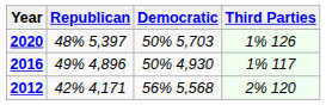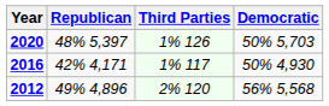 <table class="wikitable" style="float:right; font-size:95%;">
 <tr bgcolor=lightgrey>
 <th>Year</th>
 <th><a href='#'>Republican</a></th>
+<th><a href='#'>Third Parties</a></th>
 <th><a href='#'>Democratic</a></th>
-<th><a href='#'>Third Parties</a></th>
 </tr>
 <tr>
 <td style="text-align:center; "><strong><a href='#'>2020</a></strong></td>
 <td style="text-align:center; "><em>48%</em> <em>5,397</em></td>
+<td style="text-align:center; background:honeyDew;"><em>1%</em> <em>126</em></td>
 <td style="text-align:center; "><em>50%</em> <em>5,703</em></td>
-<td style="text-align:center; background:honeyDew;"><em>1%</em> <em>126</em></td>
 </tr>
 <tr>
 <td style="text-align:center; "><strong><a href='#'>2016</a></strong></td>
-<td style="text-align:center; "><em>49%</em> <em>4,896</em></td>
+<td style="text-align:center; "><em>42%</em> <em>4,171</em></td>
+<td style="text-align:center; background:honeyDew;"><em>1%</em> <em>117</em></td>
 <td style="text-align:center; "><em>50%</em> <em>4,930</em></td>
-<td style="text-align:center; background:honeyDew;"><em>1%</em> <em>117</em></td>
 </tr>
 <tr>
 <td style="text-align:center; "><strong><a href='#'>2012</a></strong></td>
-<td style="text-align:center; "><em>42%</em> <em>4,171</em></td>
+<td style="text-align:center; "><em>49%</em> <em>4,896</em></td>
+<td style="text-align:center; background:honeyDew;"><em>2%</em> <em>120</em></td>
 <td style="text-align:center; "><em>56%</em> <em>5,568</em></td>
-<td style="text-align:center; background:honeyDew;"><em>2%</em> <em>120</em></td>
 </tr>
 </table>
